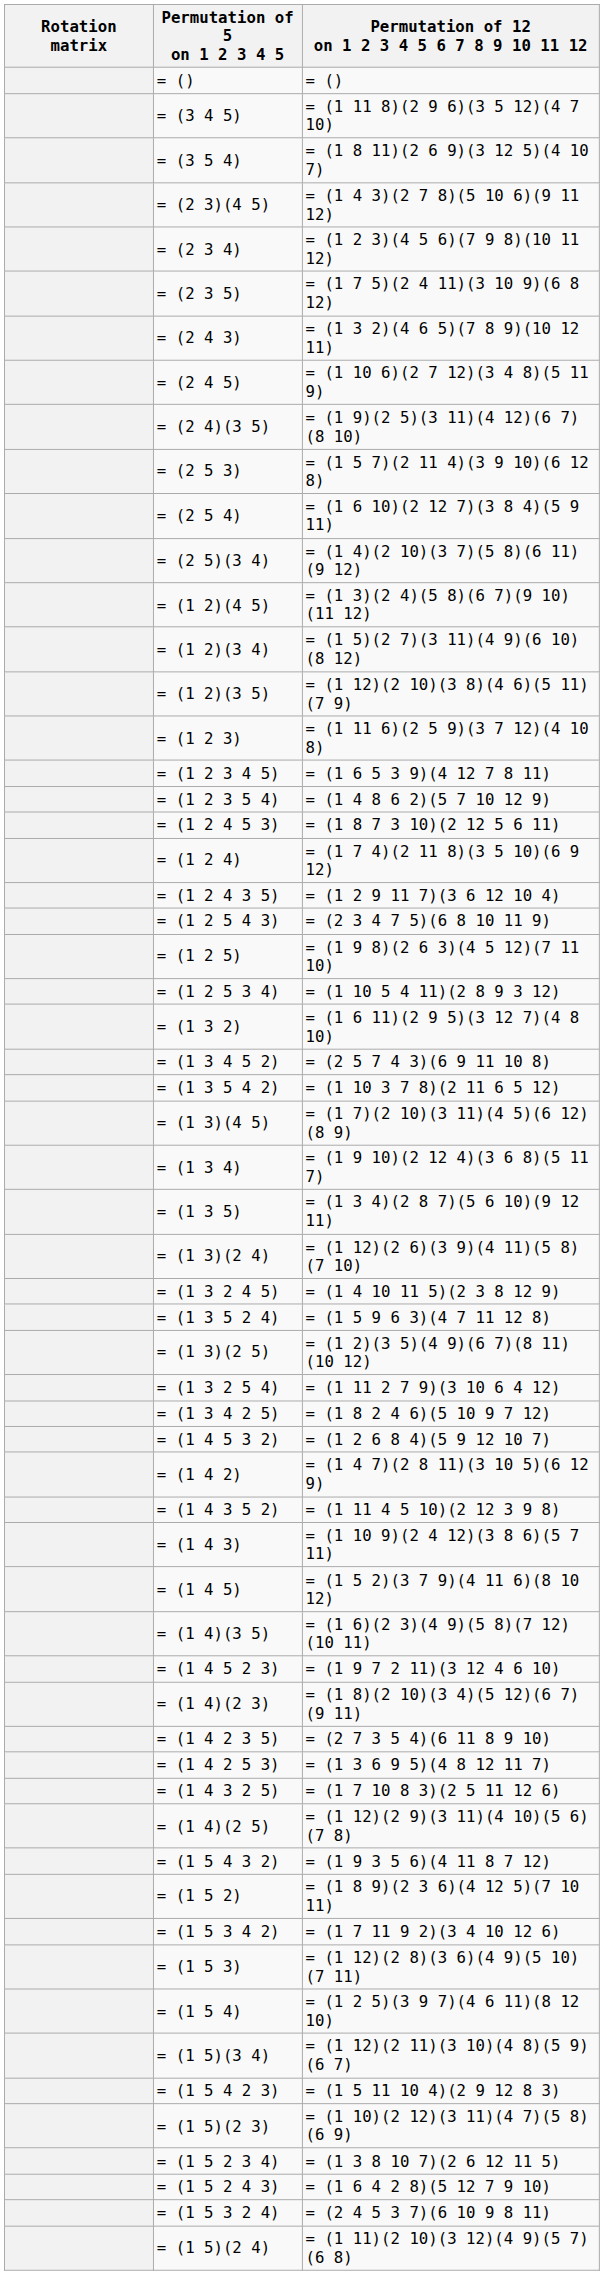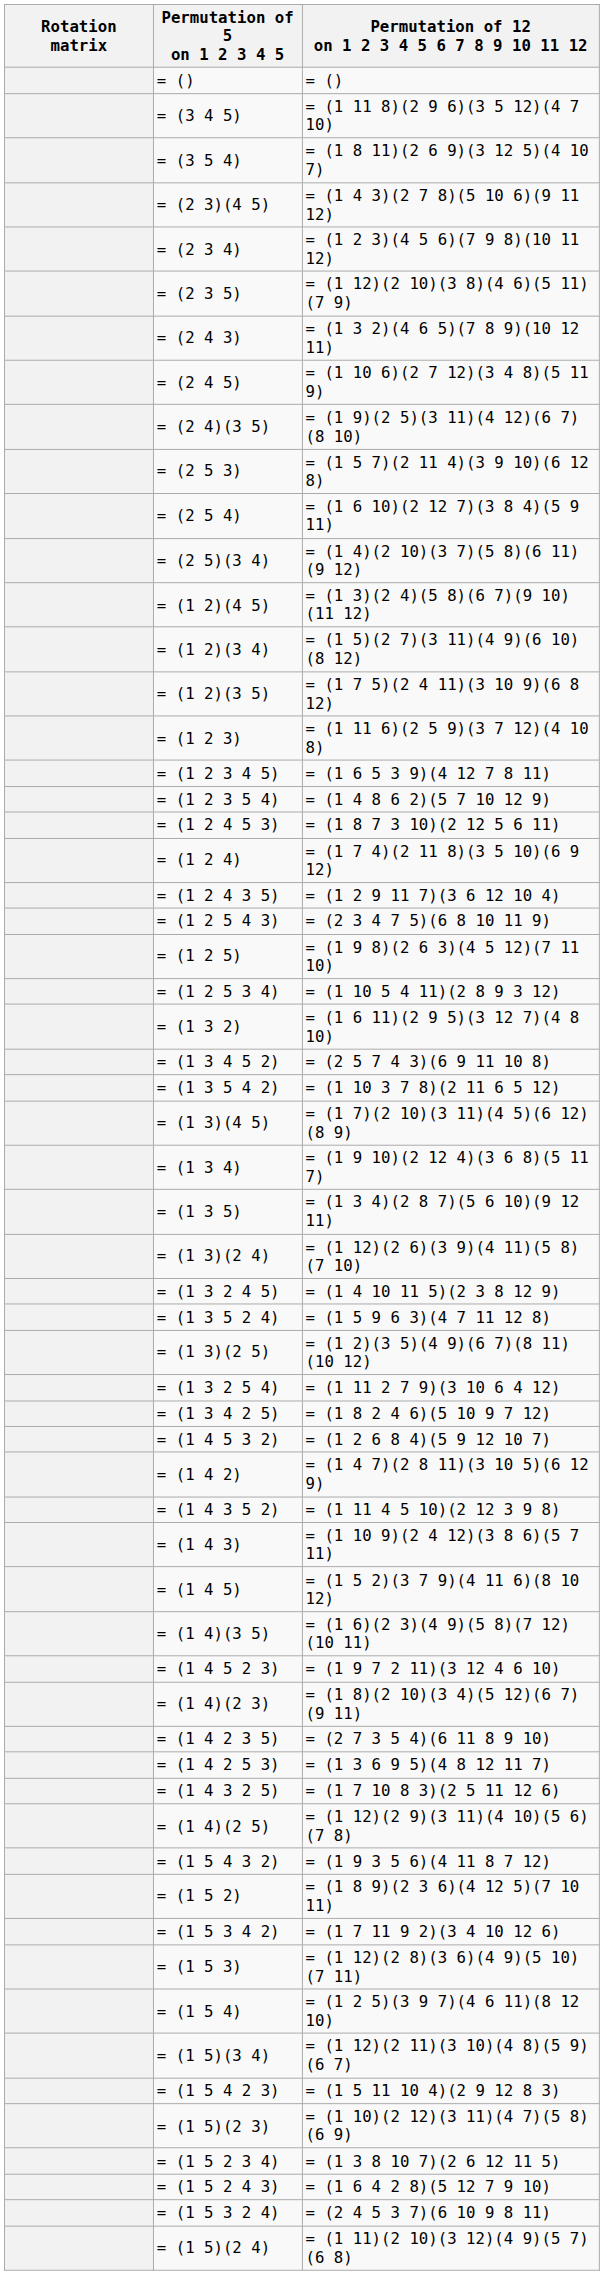 <table class="wikitable collapsible collapsed" align='center' style="font-family:'DejaVu Sans Mono','monospace'">
 <tr>
 <th width="25%">Rotation matrix</th>
 <th width="25%">Permutation of 5<br>on 1 2 3 4 5</th>
 <th width="50%">Permutation of 12<br>on 1 2 3 4 5 6 7 8 9 10 11 12</th>
 </tr>
 <tr>
 <th></th>
 <td> = ()</td>
 <td> = ()</td>
 </tr>
 <tr>
 <th></th>
 <td> = (3 4 5)</td>
 <td> = (1 11 8)(2 9 6)(3 5 12)(4 7 10)</td>
 </tr>
 <tr>
 <th></th>
 <td> = (3 5 4)</td>
 <td> = (1 8 11)(2 6 9)(3 12 5)(4 10 7)</td>
 </tr>
 <tr>
 <th></th>
 <td> = (2 3)(4 5)</td>
 <td> = (1 4 3)(2 7 8)(5 10 6)(9 11 12)</td>
 </tr>
 <tr>
 <th></th>
 <td> = (2 3 4)</td>
 <td> = (1 2 3)(4 5 6)(7 9 8)(10 11 12)</td>
 </tr>
 <tr>
 <th></th>
 <td> = (2 3 5)</td>
-<td> = (1 7 5)(2 4 11)(3 10 9)(6 8 12)</td>
+<td> = (1 12)(2 10)(3 8)(4 6)(5 11)(7 9)</td>
 </tr>
 <tr>
 <th></th>
 <td> = (2 4 3)</td>
 <td> = (1 3 2)(4 6 5)(7 8 9)(10 12 11)</td>
 </tr>
 <tr>
 <th></th>
 <td> = (2 4 5)</td>
 <td> = (1 10 6)(2 7 12)(3 4 8)(5 11 9)</td>
 </tr>
 <tr>
 <th></th>
 <td> = (2 4)(3 5)</td>
 <td> = (1 9)(2 5)(3 11)(4 12)(6 7)(8 10)</td>
 </tr>
 <tr>
 <th></th>
 <td> = (2 5 3)</td>
 <td> = (1 5 7)(2 11 4)(3 9 10)(6 12 8)</td>
 </tr>
 <tr>
 <th></th>
 <td> = (2 5 4)</td>
 <td> = (1 6 10)(2 12 7)(3 8 4)(5 9 11)</td>
 </tr>
 <tr>
 <th></th>
 <td> = (2 5)(3 4)</td>
 <td> = (1 4)(2 10)(3 7)(5 8)(6 11)(9 12)</td>
 </tr>
 <tr>
 <th></th>
 <td> = (1 2)(4 5)</td>
 <td> = (1 3)(2 4)(5 8)(6 7)(9 10)(11 12)</td>
 </tr>
 <tr>
 <th></th>
 <td> = (1 2)(3 4)</td>
 <td> = (1 5)(2 7)(3 11)(4 9)(6 10)(8 12)</td>
 </tr>
 <tr>
 <th></th>
 <td> = (1 2)(3 5)</td>
-<td> = (1 12)(2 10)(3 8)(4 6)(5 11)(7 9)</td>
+<td> = (1 7 5)(2 4 11)(3 10 9)(6 8 12)</td>
 </tr>
 <tr>
 <th></th>
 <td> = (1 2 3)</td>
 <td> = (1 11 6)(2 5 9)(3 7 12)(4 10 8)</td>
 </tr>
 <tr>
 <th></th>
 <td> = (1 2 3 4 5)</td>
 <td> = (1 6 5 3 9)(4 12 7 8 11)</td>
 </tr>
 <tr>
 <th></th>
 <td> = (1 2 3 5 4)</td>
 <td> = (1 4 8 6 2)(5 7 10 12 9)</td>
 </tr>
 <tr>
 <th></th>
 <td> = (1 2 4 5 3)</td>
 <td> = (1 8 7 3 10)(2 12 5 6 11)</td>
 </tr>
 <tr>
 <th></th>
 <td> = (1 2 4)</td>
 <td> = (1 7 4)(2 11 8)(3 5 10)(6 9 12)</td>
 </tr>
 <tr>
 <th></th>
 <td> = (1 2 4 3 5)</td>
 <td> = (1 2 9 11 7)(3 6 12 10 4)</td>
 </tr>
 <tr>
 <th></th>
 <td> = (1 2 5 4 3)</td>
 <td> = (2 3 4 7 5)(6 8 10 11 9)</td>
 </tr>
 <tr>
 <th></th>
 <td> = (1 2 5)</td>
 <td> = (1 9 8)(2 6 3)(4 5 12)(7 11 10)</td>
 </tr>
 <tr>
 <th></th>
 <td> = (1 2 5 3 4)</td>
 <td> = (1 10 5 4 11)(2 8 9 3 12)</td>
 </tr>
 <tr>
 <th></th>
 <td> = (1 3 2)</td>
 <td> = (1 6 11)(2 9 5)(3 12 7)(4 8 10)</td>
 </tr>
 <tr>
 <th></th>
 <td> = (1 3 4 5 2)</td>
 <td> = (2 5 7 4 3)(6 9 11 10 8)</td>
 </tr>
 <tr>
 <th></th>
 <td> = (1 3 5 4 2)</td>
 <td> = (1 10 3 7 8)(2 11 6 5 12)</td>
 </tr>
 <tr>
 <th></th>
 <td> = (1 3)(4 5)</td>
 <td> = (1 7)(2 10)(3 11)(4 5)(6 12)(8 9)</td>
 </tr>
 <tr>
 <th></th>
 <td> = (1 3 4)</td>
 <td> = (1 9 10)(2 12 4)(3 6 8)(5 11 7)</td>
 </tr>
 <tr>
 <th></th>
 <td> = (1 3 5)</td>
 <td> = (1 3 4)(2 8 7)(5 6 10)(9 12 11)</td>
 </tr>
 <tr>
 <th></th>
 <td> = (1 3)(2 4)</td>
 <td> = (1 12)(2 6)(3 9)(4 11)(5 8)(7 10)</td>
 </tr>
 <tr>
 <th></th>
 <td> = (1 3 2 4 5)</td>
 <td> = (1 4 10 11 5)(2 3 8 12 9)</td>
 </tr>
 <tr>
 <th></th>
 <td> = (1 3 5 2 4)</td>
 <td> = (1 5 9 6 3)(4 7 11 12 8)</td>
 </tr>
 <tr>
 <th></th>
 <td> = (1 3)(2 5)</td>
 <td> = (1 2)(3 5)(4 9)(6 7)(8 11)(10 12)</td>
 </tr>
 <tr>
 <th></th>
 <td> = (1 3 2 5 4)</td>
 <td> = (1 11 2 7 9)(3 10 6 4 12)</td>
 </tr>
 <tr>
 <th></th>
 <td> = (1 3 4 2 5)</td>
 <td> = (1 8 2 4 6)(5 10 9 7 12)</td>
 </tr>
 <tr>
 <th></th>
 <td> = (1 4 5 3 2)</td>
 <td> = (1 2 6 8 4)(5 9 12 10 7)</td>
 </tr>
 <tr>
 <th></th>
 <td> = (1 4 2)</td>
 <td> = (1 4 7)(2 8 11)(3 10 5)(6 12 9)</td>
 </tr>
 <tr>
 <th></th>
 <td> = (1 4 3 5 2)</td>
 <td> = (1 11 4 5 10)(2 12 3 9 8)</td>
 </tr>
 <tr>
 <th></th>
 <td> = (1 4 3)</td>
 <td> = (1 10 9)(2 4 12)(3 8 6)(5 7 11)</td>
 </tr>
 <tr>
 <th></th>
 <td> = (1 4 5)</td>
 <td> = (1 5 2)(3 7 9)(4 11 6)(8 10 12)</td>
 </tr>
 <tr>
 <th></th>
 <td> = (1 4)(3 5)</td>
 <td> = (1 6)(2 3)(4 9)(5 8)(7 12)(10 11)</td>
 </tr>
 <tr>
 <th></th>
 <td> = (1 4 5 2 3)</td>
 <td> = (1 9 7 2 11)(3 12 4 6 10)</td>
 </tr>
 <tr>
 <th></th>
 <td> = (1 4)(2 3)</td>
 <td> = (1 8)(2 10)(3 4)(5 12)(6 7)(9 11)</td>
 </tr>
 <tr>
 <th></th>
 <td> = (1 4 2 3 5)</td>
 <td> = (2 7 3 5 4)(6 11 8 9 10)</td>
 </tr>
 <tr>
 <th></th>
 <td> = (1 4 2 5 3)</td>
 <td> = (1 3 6 9 5)(4 8 12 11 7)</td>
 </tr>
 <tr>
 <th></th>
 <td> = (1 4 3 2 5)</td>
 <td> = (1 7 10 8 3)(2 5 11 12 6)</td>
 </tr>
 <tr>
 <th></th>
 <td> = (1 4)(2 5)</td>
 <td> = (1 12)(2 9)(3 11)(4 10)(5 6)(7 8)</td>
 </tr>
 <tr>
 <th></th>
 <td> = (1 5 4 3 2)</td>
 <td> = (1 9 3 5 6)(4 11 8 7 12)</td>
 </tr>
 <tr>
 <th></th>
 <td> = (1 5 2)</td>
 <td> = (1 8 9)(2 3 6)(4 12 5)(7 10 11)</td>
 </tr>
 <tr>
 <th></th>
 <td> = (1 5 3 4 2)</td>
 <td> = (1 7 11 9 2)(3 4 10 12 6)</td>
 </tr>
 <tr>
 <th></th>
 <td> = (1 5 3)</td>
 <td> = (1 12)(2 8)(3 6)(4 9)(5 10)(7 11)</td>
 </tr>
 <tr>
 <th></th>
 <td> = (1 5 4)</td>
 <td> = (1 2 5)(3 9 7)(4 6 11)(8 12 10)</td>
 </tr>
 <tr>
 <th></th>
 <td> = (1 5)(3 4)</td>
 <td> = (1 12)(2 11)(3 10)(4 8)(5 9)(6 7)</td>
 </tr>
 <tr>
 <th></th>
 <td> = (1 5 4 2 3)</td>
 <td> = (1 5 11 10 4)(2 9 12 8 3)</td>
 </tr>
 <tr>
 <th></th>
 <td> = (1 5)(2 3)</td>
 <td> = (1 10)(2 12)(3 11)(4 7)(5 8)(6 9)</td>
 </tr>
 <tr>
 <th></th>
 <td> = (1 5 2 3 4)</td>
 <td> = (1 3 8 10 7)(2 6 12 11 5)</td>
 </tr>
 <tr>
 <th></th>
 <td> = (1 5 2 4 3)</td>
 <td> = (1 6 4 2 8)(5 12 7 9 10)</td>
 </tr>
 <tr>
 <th></th>
 <td> = (1 5 3 2 4)</td>
 <td> = (2 4 5 3 7)(6 10 9 8 11)</td>
 </tr>
 <tr>
 <th></th>
 <td> = (1 5)(2 4)</td>
 <td> = (1 11)(2 10)(3 12)(4 9)(5 7)(6 8)</td>
 </tr>
 </table>
